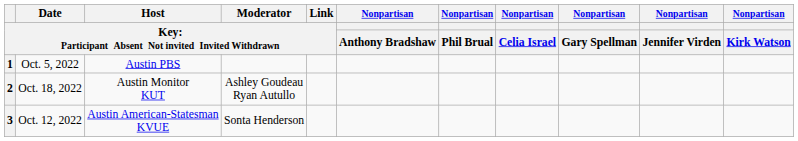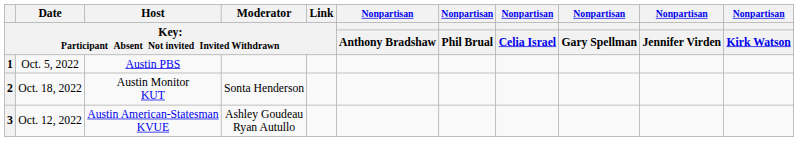 <table class="wikitable" style="text-align:center;">
 <tr>
 <th scope="col"></th>
 <th scope="col">Date</th>
 <th scope="col">Host</th>
 <th scope="col">Moderator</th>
 <th scope="col">Link</th>
 <th scope="col"><small><a href='#'>Nonpartisan</a></small></th>
 <th scope="col"><small><a href='#'>Nonpartisan</a></small></th>
 <th scope="col"><small><a href='#'>Nonpartisan</a></small></th>
 <th scope="col"><small><a href='#'>Nonpartisan</a></small></th>
 <th scope="col"><small><a href='#'>Nonpartisan</a></small></th>
 <th scope="col"><small><a href='#'>Nonpartisan</a></small></th>
 </tr>
 <tr>
 <th colspan="5" rowspan="2">Key:<br> <small>Participant </small>  <small>Absent </small>  <small>Not invited </small>  <small>Invited  Withdrawn</small></th>
 <th scope="col" style="background:"></th>
 <th scope="col" style="background:"></th>
 <th scope="col" style="background:"></th>
 <th scope="col" style="background:"></th>
 <th scope="col" style="background:"></th>
 <th scope="col" style="background:"></th>
 </tr>
 <tr>
 <th scope="col">Anthony Bradshaw</th>
 <th scope="col">Phil Brual</th>
 <th scope="col"><a href='#'>Celia Israel</a></th>
 <th scope="col">Gary Spellman</th>
 <th scope="col">Jennifer Virden</th>
 <th scope="col"><a href='#'>Kirk Watson</a></th>
 </tr>
 <tr>
 <th>1</th>
 <td style="white-space:nowrap;">Oct. 5, 2022</td>
 <td style="white-space:nowrap;"><a href='#'>Austin PBS</a></td>
 <td style="white-space:nowrap;"></td>
 <td style="white-space:nowrap;"></td>
 <td></td>
 <td></td>
 <td></td>
 <td></td>
 <td></td>
 <td></td>
 </tr>
 <tr>
 <th>2</th>
 <td style="white-space:nowrap;">Oct. 18, 2022</td>
 <td style="white-space:nowrap;">Austin Monitor<br><a href='#'>KUT</a></td>
-<td style="white-space:nowrap;">Ashley Goudeau<br>Ryan Autullo</td>
+<td style="white-space:nowrap;">Sonta Henderson</td>
 <td style="white-space:nowrap;"></td>
 <td></td>
 <td></td>
 <td></td>
 <td></td>
 <td></td>
 <td></td>
 </tr>
 <tr>
 <th>3</th>
 <td style="white-space:nowrap;">Oct. 12, 2022</td>
 <td style="white-space:nowrap;"><a href='#'>Austin American-Statesman</a><br><a href='#'>KVUE</a></td>
-<td style="white-space:nowrap;">Sonta Henderson</td>
+<td style="white-space:nowrap;">Ashley Goudeau<br>Ryan Autullo</td>
 <td style="white-space:nowrap;"></td>
 <td></td>
 <td></td>
 <td></td>
 <td></td>
 <td></td>
 <td></td>
 </tr>
 </table>
